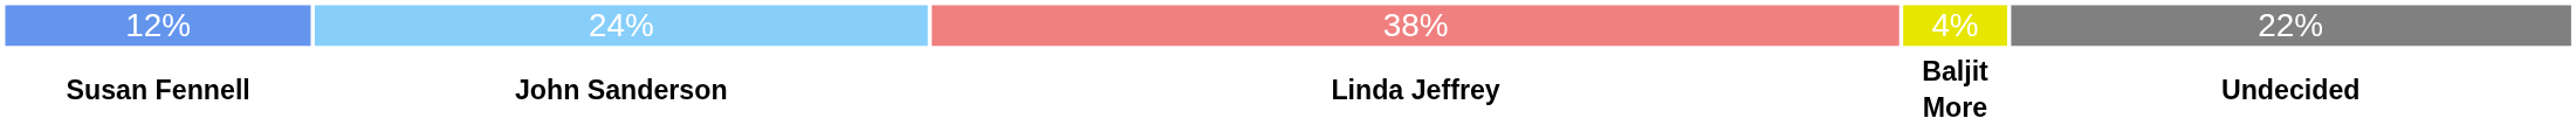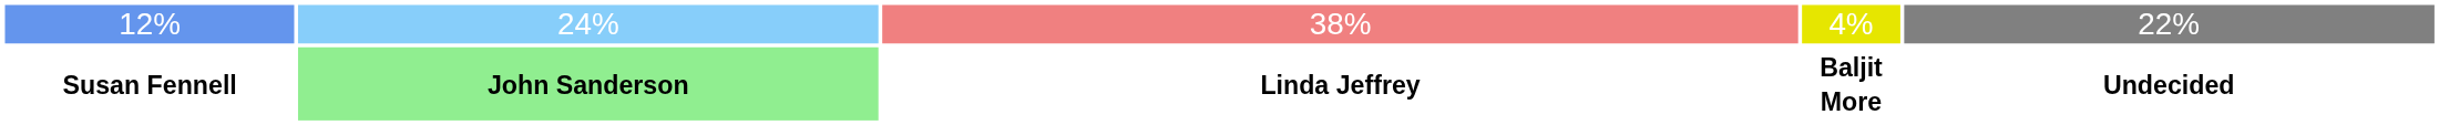 <table style="width:100%; text-align:center;">
 <tr style="color:white;">
 <td style="background:cornflowerblue; width:12%;">12%</td>
 <td style="background:lightskyblue; width:24%;">24%</td>
 <td style="background:lightcoral; width:38%;">38%</td>
 <td style="background:#e6e600; width:4%;">4%</td>
 <td style="background:gray; width:22%;">22%</td>
 </tr>
 <tr>
 <td><span><small><strong>Susan Fennell</strong></small></span></td>
-<td><span><small><strong>John Sanderson</strong></small></span></td>
+<td style="background: lightgreen;"><span><small><strong>John Sanderson</strong></small></span></td>
 <td><span><small><strong>Linda Jeffrey</strong></small></span></td>
 <td><span><small><strong>Baljit More</strong></small></span></td>
 <td><span><small><strong>Undecided</strong></small></span></td>
 </tr>
 </table>
